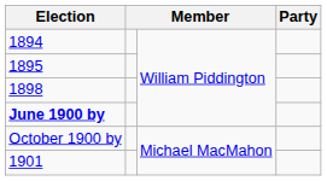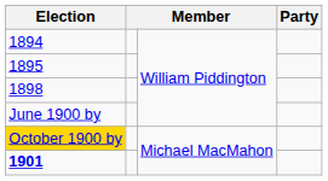 <table class="wikitable">
 <tr>
 <th>Election</th>
 <th colspan="2">Member</th>
 <th>Party</th>
 </tr>
 <tr>
 <td><a href='#'>1894</a></td>
 <td> </td>
 <td rowspan="4"><a href='#'>William Piddington</a></td>
 <td></td>
 </tr>
 <tr>
 <td><a href='#'>1895</a></td>
 <td> </td>
 <td></td>
 </tr>
 <tr>
 <td><a href='#'>1898</a></td>
 <td> </td>
 <td></td>
 </tr>
 <tr>
-<td><strong><a href='#'>June 1900 by</a></strong></td>
+<td><a href='#'>June 1900 by</a></td>
 <td> </td>
 <td></td>
 </tr>
 <tr>
-<td><a href='#'>October 1900 by</a></td>
+<td style="background: gold;"><a href='#'>October 1900 by</a></td>
 <td> </td>
 <td rowspan="2"><a href='#'>Michael MacMahon</a></td>
 <td></td>
 </tr>
 <tr>
-<td><a href='#'>1901</a></td>
+<td><strong><a href='#'>1901</a></strong></td>
 <td> </td>
 <td></td>
 </tr>
 </table>
